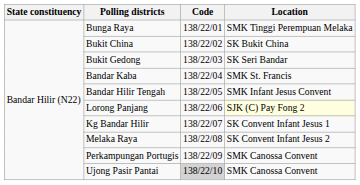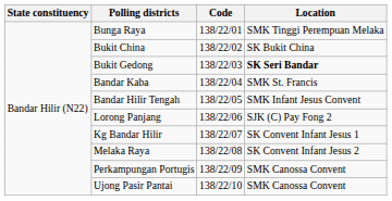 <table class="wikitable sortable mw-collapsible" style="white-space:nowrap;font-size:85%">
 <tr>
 <th>State constituency</th>
 <th>Polling districts</th>
 <th>Code</th>
 <th>Location</th>
 </tr>
 <tr>
 <td rowspan="10">Bandar Hilir (N22)</td>
 <td>Bunga Raya</td>
 <td>138/22/01</td>
 <td>SMK Tinggi Perempuan Melaka</td>
 </tr>
 <tr>
 <td>Bukit China</td>
 <td>138/22/02</td>
 <td>SK Bukit China</td>
 </tr>
 <tr>
 <td>Bukit Gedong</td>
 <td>138/22/03</td>
-<td>SK Seri Bandar</td>
+<td><strong>SK Seri Bandar</strong></td>
 </tr>
 <tr>
 <td>Bandar Kaba</td>
 <td>138/22/04</td>
 <td>SMK St. Francis</td>
 </tr>
 <tr>
 <td>Bandar Hilir Tengah</td>
 <td>138/22/05</td>
 <td>SMK Infant Jesus Convent</td>
 </tr>
 <tr>
 <td>Lorong Panjang</td>
 <td>138/22/06</td>
-<td style="background: lightyellow;">SJK (C) Pay Fong 2</td>
+<td>SJK (C) Pay Fong 2</td>
 </tr>
 <tr>
 <td>Kg Bandar Hilir</td>
 <td>138/22/07</td>
 <td>SK Convent Infant Jesus 1</td>
 </tr>
 <tr>
 <td>Melaka Raya</td>
 <td>138/22/08</td>
 <td>SK Convent Infant Jesus 2</td>
 </tr>
 <tr>
 <td>Perkampungan Portugis</td>
 <td>138/22/09</td>
 <td>SMK Canossa Convent</td>
 </tr>
 <tr>
 <td>Ujong Pasir Pantai</td>
-<td style="background: lightgrey;">138/22/10</td>
+<td>138/22/10</td>
 <td>SMK Canossa Convent</td>
 </tr>
 </table>
